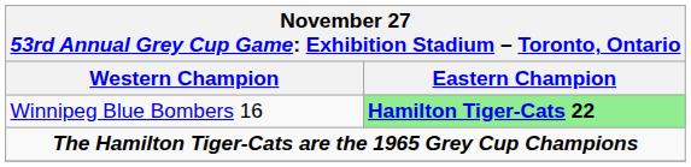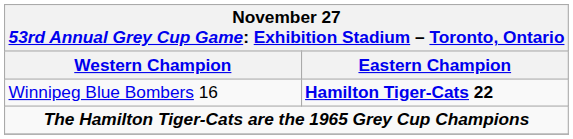 <table class="wikitable" valign="top">
 <tr>
 <th colspan="2">November 27<br><a href='#'><em>53rd Annual Grey Cup Game</em></a>: <a href='#'>Exhibition Stadium</a> – <a href='#'>Toronto, Ontario</a></th>
 </tr>
 <tr>
 <th><a href='#'>Western Champion</a></th>
 <th><a href='#'>Eastern Champion</a></th>
 </tr>
 <tr>
 <td><a href='#'>Winnipeg Blue Bombers</a> 16</td>
-<td style="background: lightgreen;"><strong><a href='#'>Hamilton Tiger-Cats</a> 22</strong></td>
+<td><strong><a href='#'>Hamilton Tiger-Cats</a> 22</strong></td>
 </tr>
 <tr>
 <td colspan="2" align="center"><strong><em>The Hamilton Tiger-Cats are the 1965 Grey Cup Champions</em></strong></td>
 </tr>
 <tr>
 </tr>
 </table>
